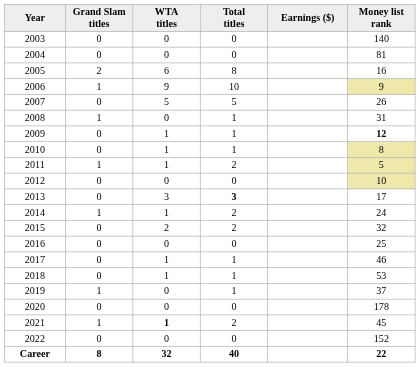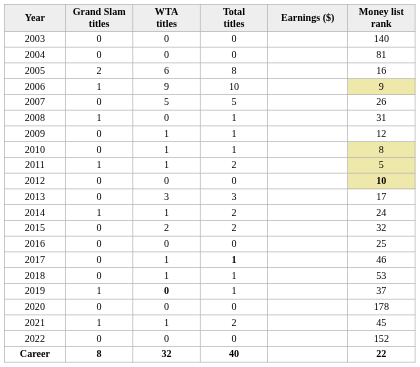 <table cellpadding=3 cellspacing=0 border=1 style=border:#aaa;solid:1px;border-collapse:collapse;text-align:center;>
 <tr style=background:#eee;font-weight:bold>
 <td width="90">Year</td>
 <td width="100">Grand Slam <br>titles</td>
 <td width="100">WTA <br>titles</td>
 <td width="100">Total <br>titles</td>
 <td width="120">Earnings ($)</td>
 <td width="100">Money list rank</td>
 </tr>
 <tr>
 <td>2003</td>
 <td>0</td>
 <td>0</td>
 <td>0</td>
 <td align="right"></td>
 <td>140</td>
 </tr>
 <tr>
 <td>2004</td>
 <td>0</td>
 <td>0</td>
 <td>0</td>
 <td align="right"></td>
 <td>81</td>
 </tr>
 <tr>
 <td>2005</td>
 <td>2</td>
 <td>6</td>
 <td>8</td>
 <td align="right"></td>
 <td>16</td>
 </tr>
 <tr>
 <td>2006</td>
 <td>1</td>
 <td>9</td>
 <td>10</td>
 <td align="right"></td>
 <td bgcolor="eee8aa">9</td>
 </tr>
 <tr>
 <td>2007</td>
 <td>0</td>
 <td>5</td>
 <td>5</td>
 <td align="right"></td>
 <td>26</td>
 </tr>
 <tr>
 <td>2008</td>
 <td>1</td>
 <td>0</td>
 <td>1</td>
 <td align="right"></td>
 <td>31</td>
 </tr>
 <tr>
 <td>2009</td>
 <td>0</td>
 <td>1</td>
 <td>1</td>
 <td align="right"></td>
-<td><strong>12</strong></td>
+<td>12</td>
 </tr>
 <tr>
 <td>2010</td>
 <td>0</td>
 <td>1</td>
 <td>1</td>
 <td align="right"></td>
 <td bgcolor="eee8aa">8</td>
 </tr>
 <tr>
 <td>2011</td>
 <td>1</td>
 <td>1</td>
 <td>2</td>
 <td align="right"></td>
 <td bgcolor="eee8aa">5</td>
 </tr>
 <tr>
 <td>2012</td>
 <td>0</td>
 <td>0</td>
 <td>0</td>
 <td align="right"></td>
-<td bgcolor="eee8aa">10</td>
+<td bgcolor="eee8aa"><strong>10</strong></td>
 </tr>
 <tr>
 <td>2013</td>
 <td>0</td>
 <td>3</td>
-<td><strong>3</strong></td>
+<td>3</td>
 <td align="right"></td>
 <td>17</td>
 </tr>
 <tr>
 <td>2014</td>
 <td>1</td>
 <td>1</td>
 <td>2</td>
 <td align="right"></td>
 <td>24</td>
 </tr>
 <tr>
 <td>2015</td>
 <td>0</td>
 <td>2</td>
 <td>2</td>
 <td align="right"></td>
 <td>32</td>
 </tr>
 <tr>
 <td>2016</td>
 <td>0</td>
 <td>0</td>
 <td>0</td>
 <td align="right"></td>
 <td>25</td>
 </tr>
 <tr>
 <td>2017</td>
 <td>0</td>
 <td>1</td>
-<td>1</td>
+<td><strong>1</strong></td>
 <td align="right"></td>
 <td>46</td>
 </tr>
 <tr>
 <td>2018</td>
 <td>0</td>
 <td>1</td>
 <td>1</td>
 <td align="right"></td>
 <td>53</td>
 </tr>
 <tr>
 <td>2019</td>
 <td>1</td>
-<td>0</td>
+<td><strong>0</strong></td>
 <td>1</td>
 <td align="right"></td>
 <td>37</td>
 </tr>
 <tr>
 <td>2020</td>
 <td>0</td>
 <td>0</td>
 <td>0</td>
 <td align="right"></td>
 <td>178</td>
 </tr>
 <tr>
 <td>2021</td>
 <td>1</td>
-<td><strong>1</strong></td>
+<td>1</td>
 <td>2</td>
 <td align="right"></td>
 <td>45</td>
 </tr>
 <tr>
 <td>2022</td>
 <td>0</td>
 <td>0</td>
 <td>0</td>
 <td align="right"></td>
 <td>152</td>
 </tr>
 <tr style="font-weight:bold">
 <td>Career</td>
 <td>8</td>
 <td>32</td>
 <td>40</td>
 <td align="right"></td>
 <td>22</td>
 </tr>
 </table>
